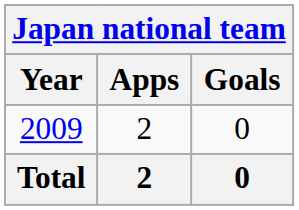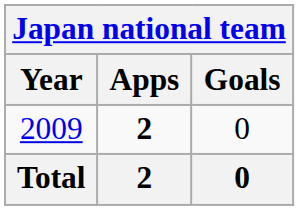 <table class="wikitable" style="text-align:center">
 <tr>
 <th colspan=3><a href='#'>Japan national team</a></th>
 </tr>
 <tr>
 <th>Year</th>
 <th>Apps</th>
 <th>Goals</th>
 </tr>
 <tr>
 <td><a href='#'>2009</a></td>
-<td>2</td>
+<td><strong>2</strong></td>
 <td>0</td>
 </tr>
 <tr>
 <th>Total</th>
 <th>2</th>
 <th>0</th>
 </tr>
 </table>
